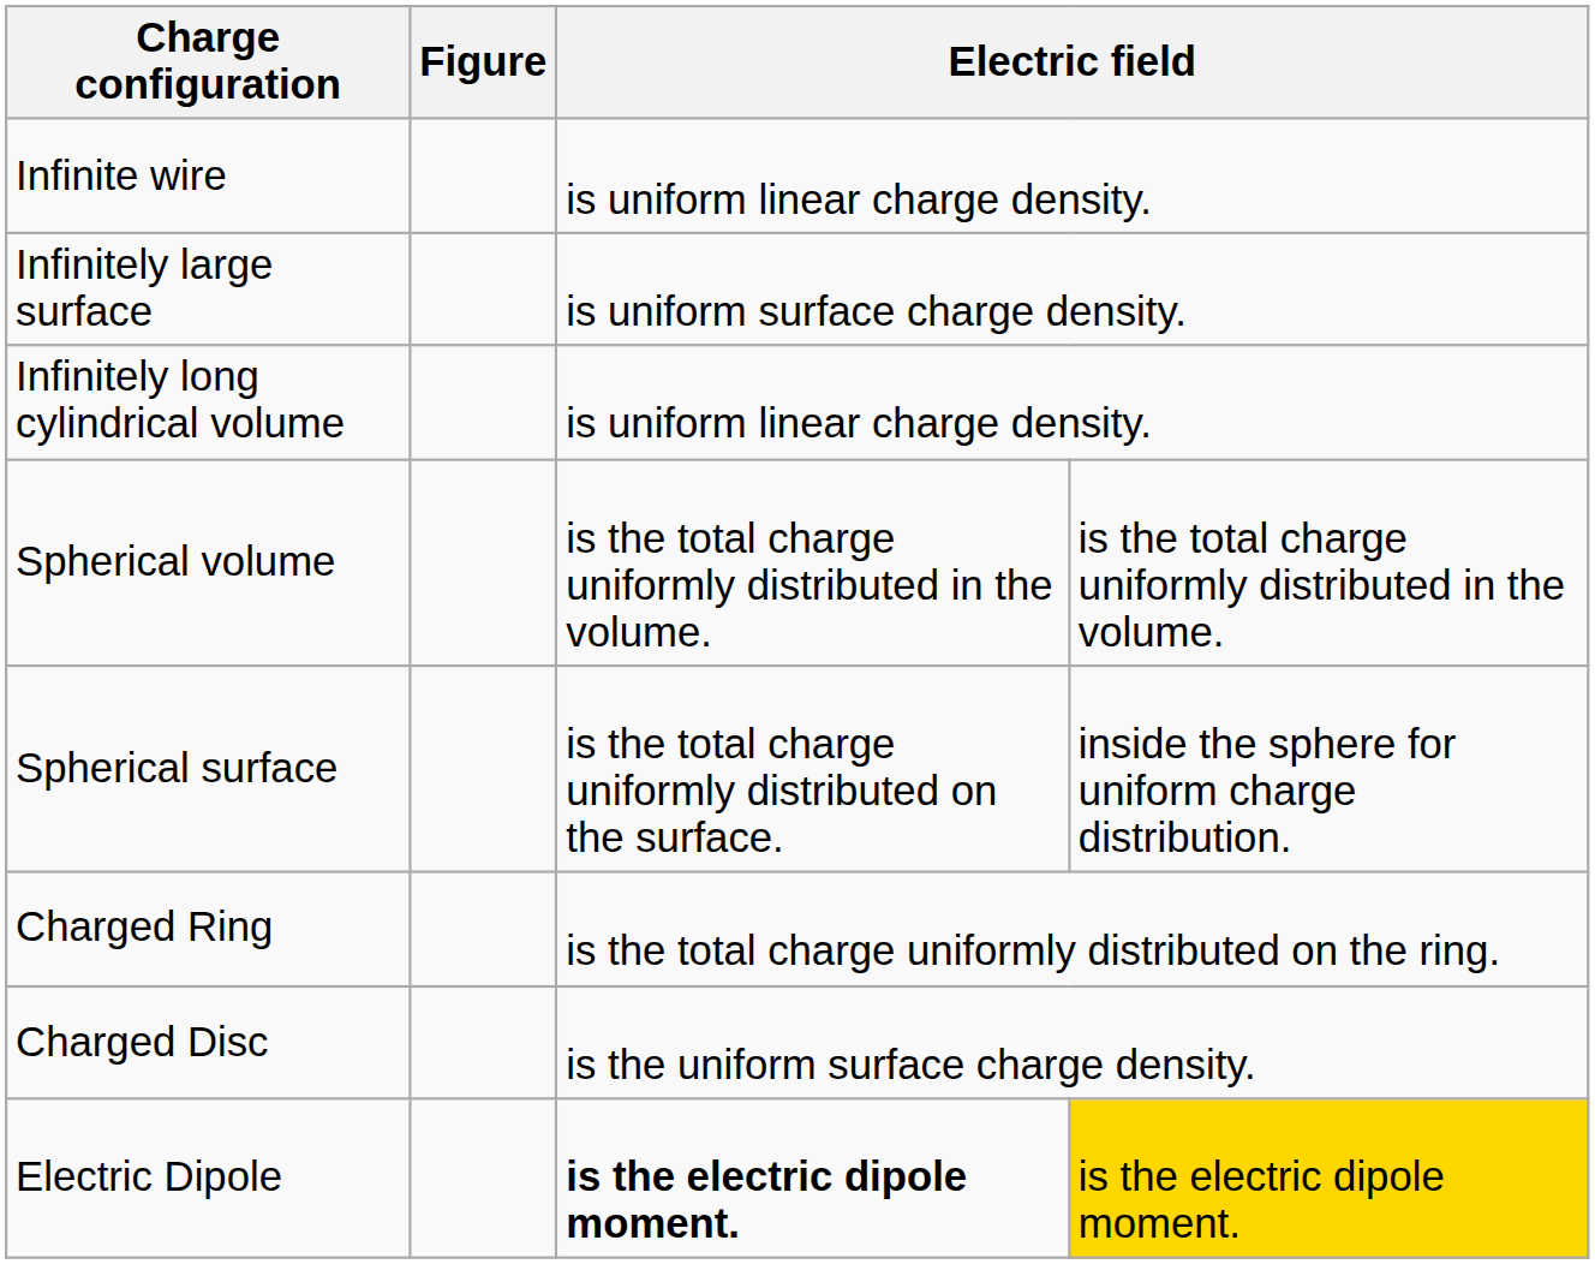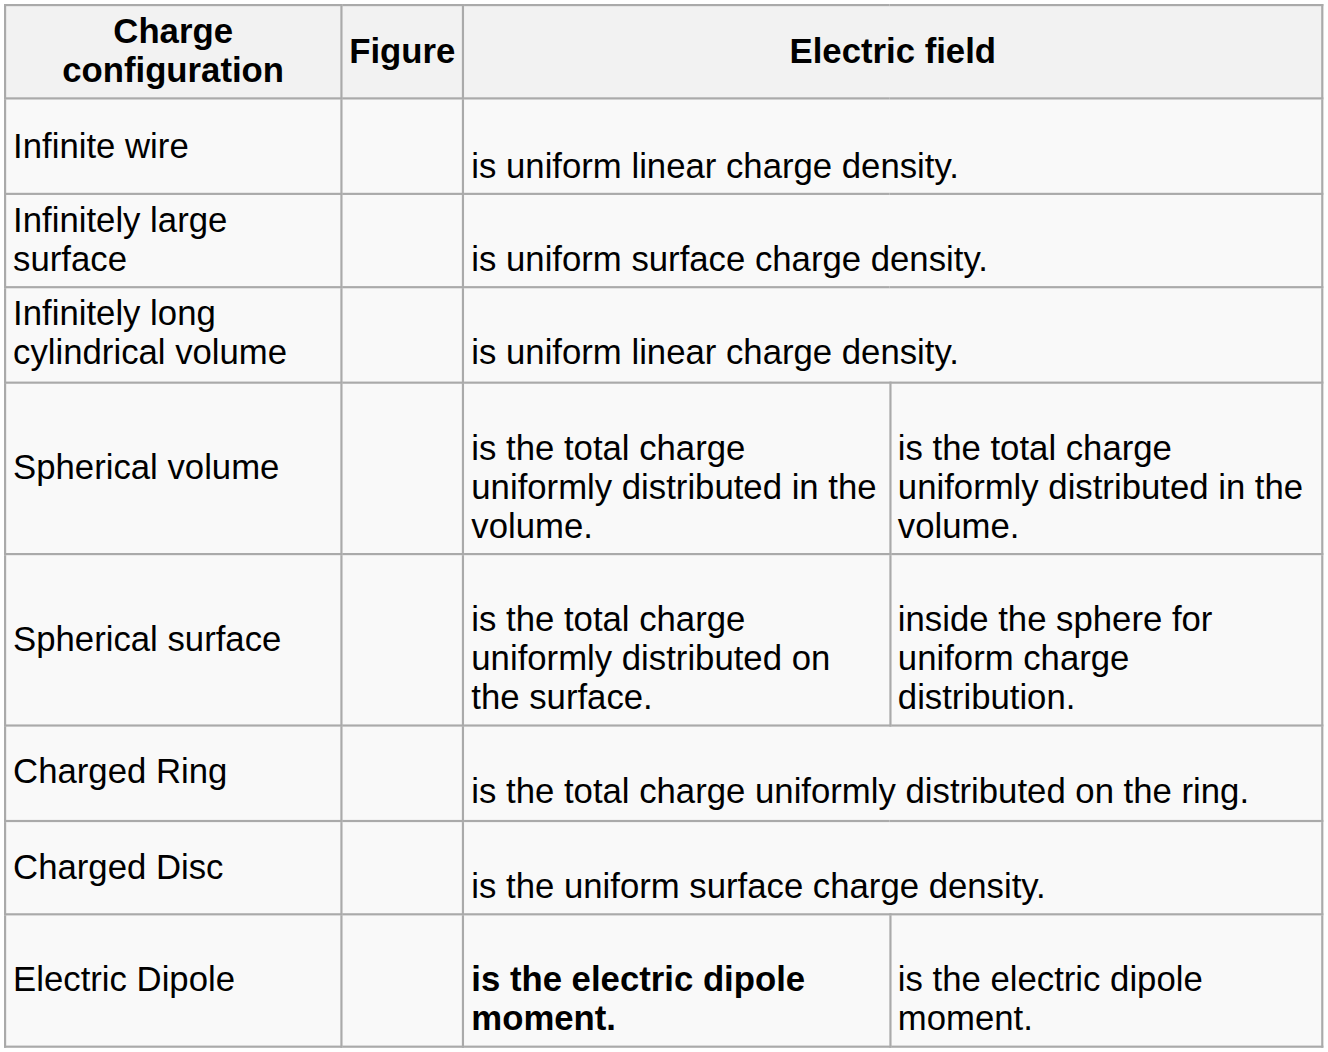 <table class="wikitable">
 <tr>
 <th>Charge configuration</th>
 <th>Figure</th>
 <th colspan="2">Electric field</th>
 </tr>
 <tr>
 <td>Infinite wire</td>
 <td></td>
 <td colspan="2"><br> is uniform linear charge density.</td>
 </tr>
 <tr>
 <td>Infinitely large surface</td>
 <td></td>
 <td colspan="2"><br> is uniform surface charge density.</td>
 </tr>
 <tr>
 <td>Infinitely long cylindrical volume</td>
 <td></td>
 <td colspan="2"><br> is uniform linear charge density.</td>
 </tr>
 <tr>
 <td>Spherical volume</td>
 <td></td>
 <td><br> is the total charge uniformly distributed in the volume.</td>
 <td><br> is the total charge uniformly distributed in the volume.</td>
 </tr>
 <tr>
 <td>Spherical surface</td>
 <td></td>
 <td><br> is the total charge uniformly distributed on the surface.</td>
 <td><br>inside the sphere for uniform charge distribution.</td>
 </tr>
 <tr>
 <td>Charged Ring</td>
 <td></td>
 <td colspan="2"><br> is the total charge uniformly distributed on the ring.</td>
 </tr>
 <tr>
 <td>Charged Disc</td>
 <td></td>
 <td colspan="2"><br> is the uniform surface charge density.</td>
 </tr>
 <tr>
 <td>Electric Dipole</td>
 <td></td>
 <td><strong><br> is the electric dipole moment.</strong></td>
-<td style="background: gold;"><br> is the electric dipole moment.</td>
+<td><br> is the electric dipole moment.</td>
 </tr>
 </table>
